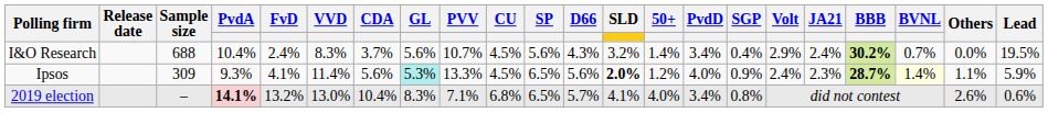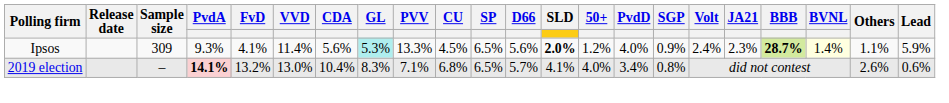 <table class="wikitable sortable tpl-blanktable" style="text-align:center;font-size:90%;line-height:14px;">
 <tr>
 <th rowspan="2">Polling firm</th>
 <th rowspan="2">Release<br>date</th>
 <th rowspan="2">Sample<br>size</th>
 <th class="unsortable" style="width:30px;"><a href='#'>PvdA</a></th>
 <th class="unsortable" style="width:30px;"><a href='#'>FvD</a></th>
 <th class="unsortable" style="width:30px;"><a href='#'>VVD</a></th>
 <th class="unsortable" style="width:30px;"><a href='#'>CDA</a></th>
 <th class="unsortable" style="width:30px;"><a href='#'>GL</a></th>
 <th class="unsortable" style="width:30px;"><a href='#'>PVV</a></th>
 <th class="unsortable" style="width:30px;"><a href='#'>CU</a></th>
 <th class="unsortable" style="width:30px;"><a href='#'>SP</a></th>
 <th class="unsortable" style="width:30px;"><a href='#'>D66</a></th>
 <th class="unsortable" style="width:30px;">SLD </th>
 <th class="unsortable" style="width:30px;"><a href='#'>50+</a></th>
 <th class="unsortable" style="width:30px;"><a href='#'>PvdD</a></th>
 <th class="unsortable" style="width:30px;"><a href='#'>SGP</a></th>
 <th class="unsortable" style="width:30px;"><a href='#'>Volt</a></th>
 <th class="unsortable" style="width:30px;"><a href='#'>JA21</a></th>
 <th class="unsortable" style="width:30px;"><a href='#'>BBB</a></th>
 <th class="unsortable" style="width:30px;"><a href='#'>BVNL</a></th>
 <th class="unsortable" style="width:30px;" rowspan="2">Others</th>
 <th rowspan="2">Lead</th>
 </tr>
 <tr>
 <th data-sort-type="number" style="background:"></th>
 <th data-sort-type="number" style="background:"></th>
 <th data-sort-type="number" style="background:"></th>
 <th data-sort-type="number" style="background:"></th>
 <th data-sort-type="number" style="background:"></th>
 <th data-sort-type="number" style="background:"></th>
 <th data-sort-type="number" style="background:"></th>
 <th data-sort-type="number" style="background:"></th>
 <th data-sort-type="number" style="background:"></th>
 <th data-sort-type="number" style="background:#FCCC14;"></th>
 <th data-sort-type="number" style="background:"></th>
 <th data-sort-type="number" style="background:"></th>
 <th data-sort-type="number" style="background:"></th>
 <th data-sort-type="number" style="background:"></th>
 <th data-sort-type="number" style="background:"></th>
 <th data-sort-type="number" style="background:"></th>
 <th data-sort-type="number" style="background:"></th>
-</tr>
-<tr>
-<td>I&O Research</td>
-<td></td>
-<td>688</td>
-<td>10.4%</td>
-<td>2.4%</td>
-<td>8.3%</td>
-<td>3.7%</td>
-<td>5.6%</td>
-<td>10.7%</td>
-<td>4.5%</td>
-<td>5.6%</td>
-<td>4.3%</td>
-<td>3.2%</td>
-<td>1.4%</td>
-<td>3.4%</td>
-<td>0.4%</td>
-<td>2.9%</td>
-<td>2.4%</td>
-<td style="background:#d3ea9e;"><strong>30.2%</strong></td>
-<td>0.7%</td>
-<td>0.0%</td>
-<td style="background:">19.5%</td>
 </tr>
 <tr>
 <td>Ipsos</td>
 <td></td>
 <td>309</td>
 <td>9.3%</td>
 <td>4.1%</td>
 <td>11.4%</td>
 <td>5.6%</td>
 <td style="background: paleturquoise;">5.3%</td>
 <td>13.3%</td>
 <td>4.5%</td>
 <td>6.5%</td>
 <td>5.6%</td>
 <td><strong>2.0%</strong></td>
 <td>1.2%</td>
 <td>4.0%</td>
 <td>0.9%</td>
 <td>2.4%</td>
 <td>2.3%</td>
 <td style="background:#d3ea9e;"><strong>28.7%</strong></td>
 <td style="background: lightyellow;">1.4%</td>
 <td>1.1%</td>
 <td style="background:">5.9%</td>
 </tr>
 <tr style="background:#E9E9E9;">
 <td><a href='#'>2019 election</a></td>
 <td></td>
 <td>–</td>
 <td style="background:#FBD0D2;"><strong>14.1%</strong></td>
 <td>13.2%</td>
 <td>13.0%</td>
 <td>10.4%</td>
 <td>8.3%</td>
 <td>7.1%</td>
 <td>6.8%</td>
 <td>6.5%</td>
 <td>5.7%</td>
 <td>4.1%</td>
 <td>4.0%</td>
 <td>3.4%</td>
 <td>0.8%</td>
 <td colspan=4><em>did not contest</em></td>
 <td>2.6%</td>
 <td style="background:">0.6%</td>
 </tr>
 </table>
